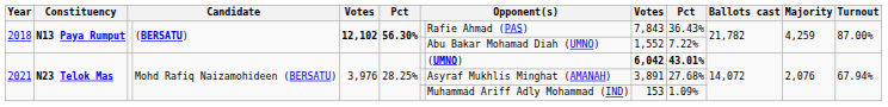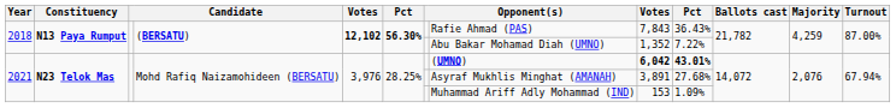 <table class="wikitable" style="margin:0.5em ; font-size:95%">
 <tr>
 <th>Year</th>
 <th>Constituency</th>
 <th colspan=2>Candidate</th>
 <th>Votes</th>
 <th>Pct</th>
 <th colspan=2>Opponent(s)</th>
 <th>Votes</th>
 <th>Pct</th>
 <th>Ballots cast</th>
 <th>Majority</th>
 <th>Turnout</th>
 </tr>
 <tr>
 <td rowspan=2><a href='#'>2018</a></td>
 <td rowspan="2"><strong>N13 <a href='#'>Paya Rumput</a></strong></td>
 <td rowspan=2 ></td>
 <td rowspan=2> (<a href='#'><strong>BERSATU</strong></a>)</td>
 <td rowspan=2 align="right"><strong>12,102</strong></td>
 <td rowspan=2><strong>56.30%</strong></td>
 <td></td>
 <td>Rafie Ahmad (<a href='#'>PAS</a>)</td>
 <td align="right">7,843</td>
 <td>36.43%</td>
 <td rowspan=2>21,782</td>
 <td rowspan=2>4,259</td>
 <td rowspan=2>87.00%</td>
 </tr>
 <tr>
 <td></td>
 <td>Abu Bakar Mohamad Diah (<a href='#'>UMNO</a>)</td>
-<td align="right">1,552</td>
+<td align="right">1,352</td>
 <td>7.22%</td>
 </tr>
 <tr>
 <td rowspan=3><a href='#'>2021</a></td>
 <td rowspan="3"><strong>N23 <a href='#'>Telok Mas</a></strong></td>
 <td rowspan=3 bgcolor=></td>
 <td rowspan=3>Mohd Rafiq Naizamohideen (<a href='#'>BERSATU</a>)</td>
 <td rowspan=3 align="right">3,976</td>
 <td rowspan=3>28.25%</td>
 <td></td>
 <td> (<a href='#'><strong>UMNO</strong></a>)</td>
 <td align="right"><strong>6,042</strong></td>
 <td><strong>43.01%</strong></td>
 <td rowspan=3>14,072</td>
 <td rowspan=3>2,076</td>
 <td rowspan=3>67.94%</td>
 </tr>
 <tr>
 <td></td>
 <td>Asyraf Mukhlis Minghat (<a href='#'>AMANAH</a>)</td>
 <td align="right">3,891</td>
 <td>27.68%</td>
 </tr>
 <tr>
 <td></td>
 <td>Muhammad Ariff Adly Mohammad (<a href='#'>IND</a>)</td>
 <td align="right">153</td>
 <td>1.09%</td>
 </tr>
 </table>
